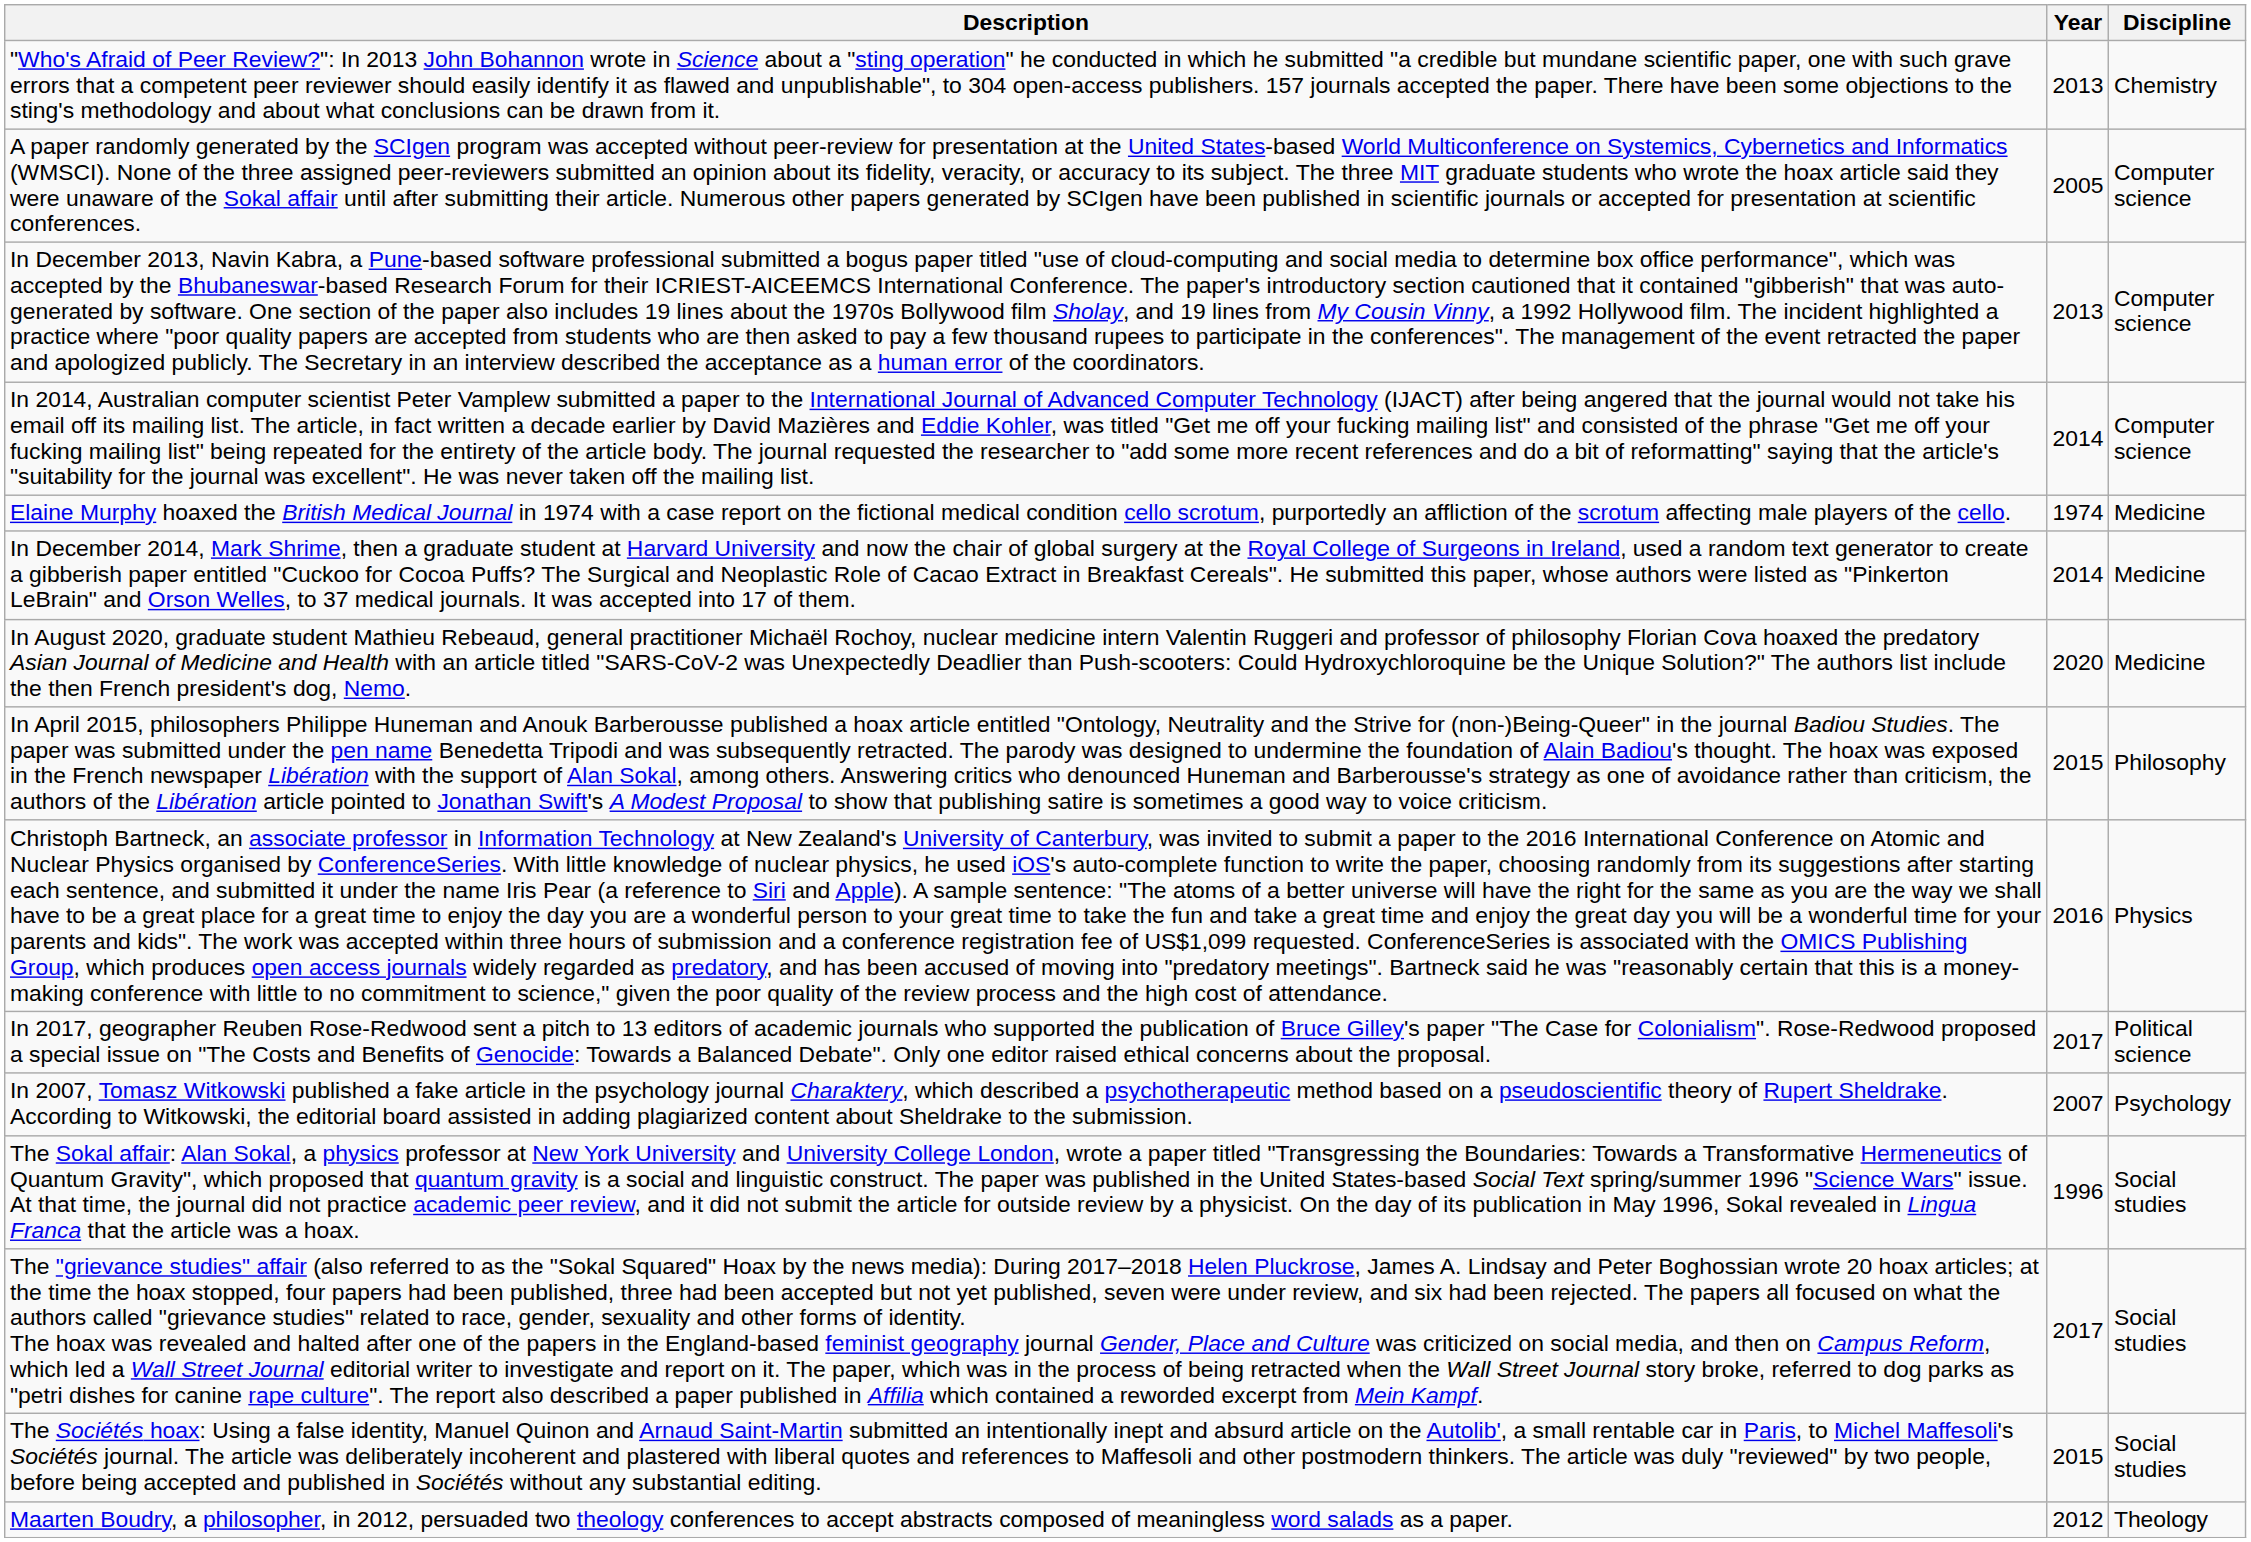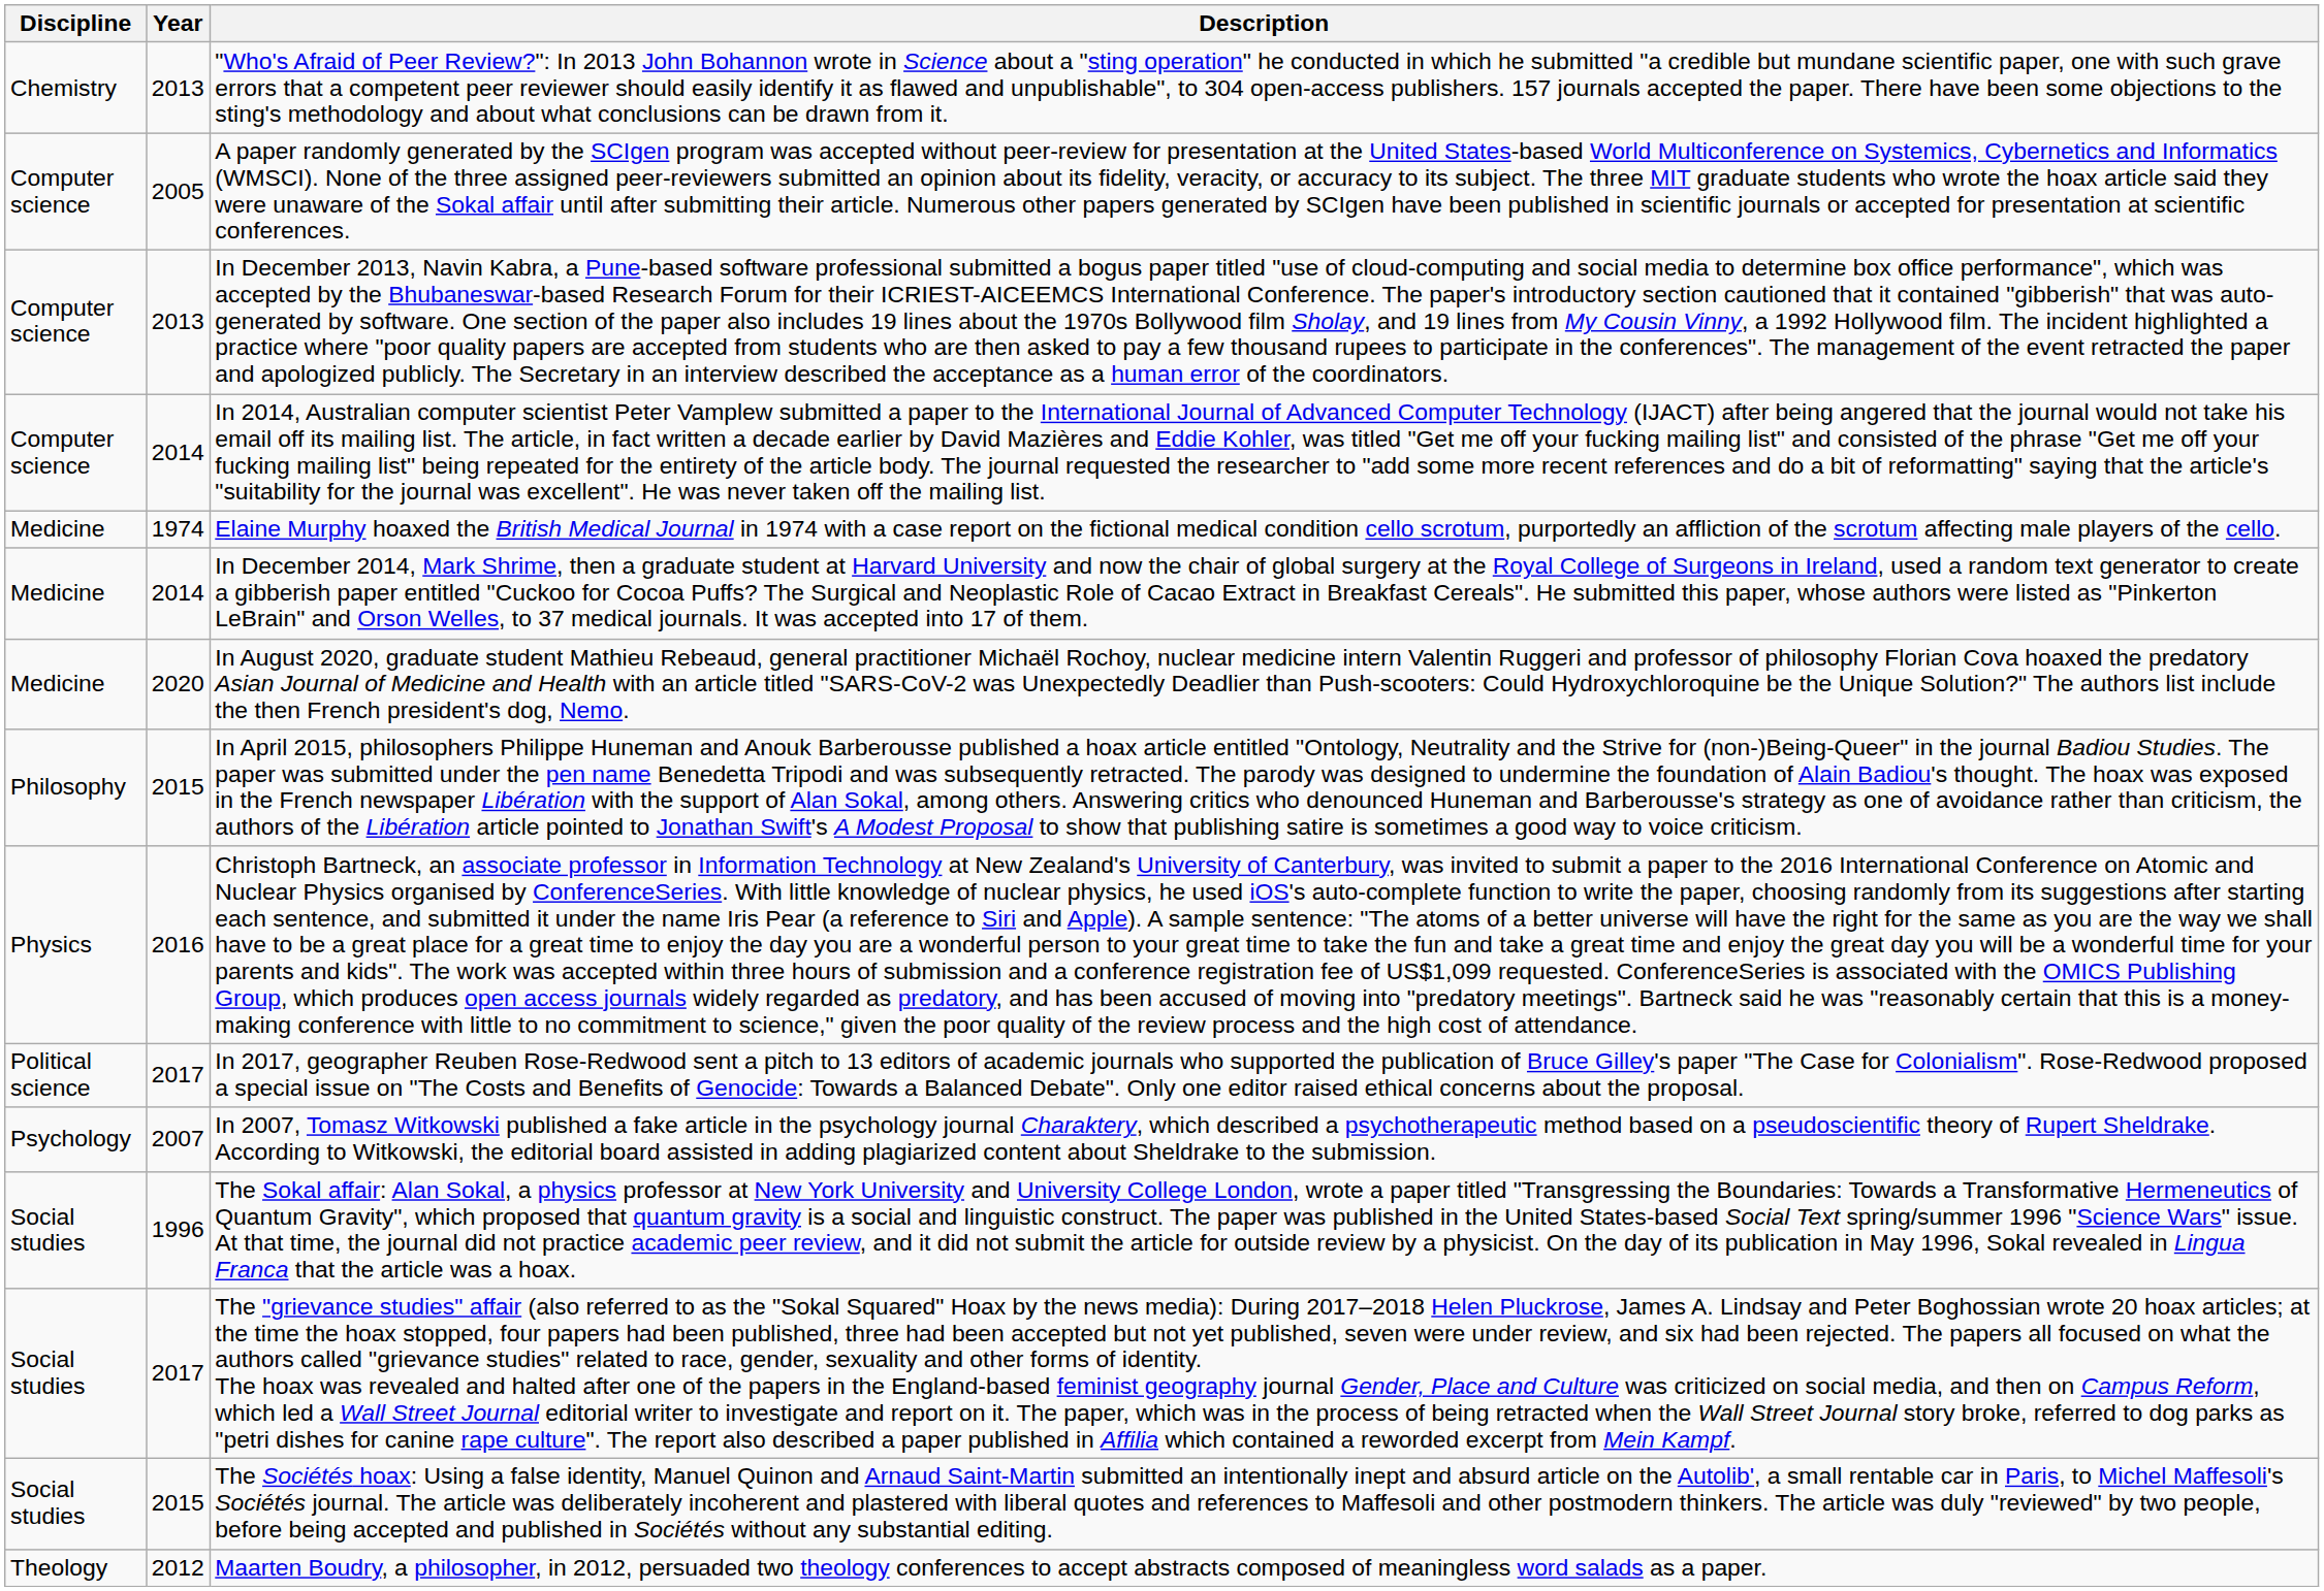 <table class="wikitable sortable">
 <tr>
+<th>Discipline</th>
+<th>Year</th>
 <th>Description</th>
-<th>Year</th>
-<th>Discipline</th>
 </tr>
 <tr>
+<td>Chemistry</td>
+<td>2013</td>
 <td>"<a href='#'>Who's Afraid of Peer Review?</a>": In 2013 <a href='#'>John Bohannon</a> wrote in <em><a href='#'>Science</a></em> about a "<a href='#'>sting operation</a>" he conducted in which he submitted "a credible but mundane scientific paper, one with such grave errors that a competent peer reviewer should easily identify it as flawed and unpublishable", to 304 open-access publishers. 157 journals accepted the paper. There have been some objections to the sting's methodology and about what conclusions can be drawn from it.</td>
-<td>2013</td>
-<td>Chemistry</td>
 </tr>
 <tr>
+<td>Computer science</td>
+<td>2005</td>
 <td>A paper randomly generated by the <a href='#'>SCIgen</a> program was accepted without peer-review for presentation at the <a href='#'>United States</a>-based <a href='#'>World Multiconference on Systemics, Cybernetics and Informatics</a> (WMSCI). None of the three assigned peer-reviewers submitted an opinion about its fidelity, veracity, or accuracy to its subject. The three <a href='#'>MIT</a> graduate students who wrote the hoax article said they were unaware of the <a href='#'>Sokal affair</a> until after submitting their article. Numerous other papers generated by SCIgen have been published in scientific journals or accepted for presentation at scientific conferences.</td>
-<td>2005</td>
-<td>Computer science</td>
 </tr>
 <tr>
+<td>Computer science</td>
+<td>2013</td>
 <td>In December 2013, Navin Kabra, a <a href='#'>Pune</a>-based software professional submitted a bogus paper titled "use of cloud-computing and social media to determine box office performance", which was accepted by the <a href='#'>Bhubaneswar</a>-based Research Forum for their ICRIEST-AICEEMCS International Conference. The paper's introductory section cautioned that it contained "gibberish" that was auto-generated by software. One section of the paper also includes 19 lines about the 1970s Bollywood film <em><a href='#'>Sholay</a></em>, and 19 lines from <em><a href='#'>My Cousin Vinny</a></em>, a 1992 Hollywood film. The incident highlighted a practice where "poor quality papers are accepted from students who are then asked to pay a few thousand rupees to participate in the conferences". The management of the event retracted the paper and apologized publicly. The Secretary in an interview described the acceptance as a <a href='#'>human error</a> of the coordinators.</td>
-<td>2013</td>
-<td>Computer science</td>
 </tr>
 <tr>
+<td>Computer science</td>
+<td>2014</td>
 <td>In 2014, Australian computer scientist Peter Vamplew submitted a paper to the <a href='#'>International Journal of Advanced Computer Technology</a> (IJACT) after being angered that the journal would not take his email off its mailing list. The article, in fact written a decade earlier by David Mazières and <a href='#'>Eddie Kohler</a>, was titled "Get me off your fucking mailing list" and consisted of the phrase "Get me off your fucking mailing list" being repeated for the entirety of the article body. The journal requested the researcher to "add some more recent references and do a bit of reformatting" saying that the article's "suitability for the journal was excellent". He was never taken off the mailing list.</td>
-<td>2014</td>
-<td>Computer science</td>
 </tr>
 <tr>
+<td>Medicine</td>
+<td>1974</td>
 <td><a href='#'>Elaine Murphy</a> hoaxed the <em><a href='#'>British Medical Journal</a></em> in 1974 with a case report on the fictional medical condition <a href='#'>cello scrotum</a>, purportedly an affliction of the <a href='#'>scrotum</a> affecting male players of the <a href='#'>cello</a>.</td>
-<td>1974</td>
-<td>Medicine</td>
 </tr>
 <tr>
+<td>Medicine</td>
+<td>2014</td>
 <td>In December 2014, <a href='#'>Mark Shrime</a>, then a graduate student at <a href='#'>Harvard University</a> and now the chair of global surgery at the <a href='#'>Royal College of Surgeons in Ireland</a>, used a random text generator to create a gibberish paper entitled "Cuckoo for Cocoa Puffs? The Surgical and Neoplastic Role of Cacao Extract in Breakfast Cereals". He submitted this paper, whose authors were listed as "Pinkerton LeBrain" and <a href='#'>Orson Welles</a>, to 37 medical journals. It was accepted into 17 of them.</td>
-<td>2014</td>
-<td>Medicine</td>
 </tr>
 <tr>
+<td>Medicine</td>
+<td>2020</td>
 <td>In August 2020, graduate student Mathieu Rebeaud, general practitioner Michaël Rochoy, nuclear medicine intern Valentin Ruggeri and professor of philosophy Florian Cova hoaxed the predatory <em>Asian Journal of Medicine and Health</em> with an article titled "SARS-CoV-2 was Unexpectedly Deadlier than Push-scooters: Could Hydroxychloroquine be the Unique Solution?" The authors list include the then French president's dog, <a href='#'>Nemo</a>.</td>
-<td>2020</td>
-<td>Medicine</td>
 </tr>
 <tr>
+<td>Philosophy</td>
+<td>2015</td>
 <td>In April 2015, philosophers Philippe Huneman and Anouk Barberousse published a hoax article entitled "Ontology, Neutrality and the Strive for (non-)Being-Queer" in the journal <em>Badiou Studies</em>. The paper was submitted under the <a href='#'>pen name</a> Benedetta Tripodi and was subsequently retracted. The parody was designed to undermine the foundation of <a href='#'>Alain Badiou</a>'s thought. The hoax was exposed in the French newspaper <em><a href='#'>Libération</a></em> with the support of <a href='#'>Alan Sokal</a>, among others. Answering critics who denounced Huneman and Barberousse's strategy as one of avoidance rather than criticism, the authors of the <em><a href='#'>Libération</a></em> article pointed to <a href='#'>Jonathan Swift</a>'s <em><a href='#'>A Modest Proposal</a></em> to show that publishing satire is sometimes a good way to voice criticism.</td>
-<td>2015</td>
-<td>Philosophy</td>
 </tr>
 <tr>
+<td>Physics</td>
+<td>2016</td>
 <td>Christoph Bartneck, an <a href='#'>associate professor</a> in <a href='#'>Information Technology</a> at New Zealand's <a href='#'>University of Canterbury</a>, was invited to submit a paper to the 2016 International Conference on Atomic and Nuclear Physics organised by <a href='#'>ConferenceSeries</a>. With little knowledge of nuclear physics, he used <a href='#'>iOS</a>'s auto-complete function to write the paper, choosing randomly from its suggestions after starting each sentence, and submitted it under the name Iris Pear (a reference to <a href='#'>Siri</a> and <a href='#'>Apple</a>). A sample sentence: "The atoms of a better universe will have the right for the same as you are the way we shall have to be a great place for a great time to enjoy the day you are a wonderful person to your great time to take the fun and take a great time and enjoy the great day you will be a wonderful time for your parents and kids". The work was accepted within three hours of submission and a conference registration fee of US$1,099 requested. ConferenceSeries is associated with the <a href='#'>OMICS Publishing Group</a>, which produces <a href='#'>open access journals</a> widely regarded as <a href='#'>predatory</a>, and has been accused of moving into "predatory meetings". Bartneck said he was "reasonably certain that this is a money-making conference with little to no commitment to science," given the poor quality of the review process and the high cost of attendance.</td>
-<td>2016</td>
-<td>Physics</td>
 </tr>
 <tr>
+<td>Political science</td>
+<td>2017</td>
 <td>In 2017, geographer Reuben Rose-Redwood sent a pitch to 13 editors of academic journals who supported the publication of <a href='#'>Bruce Gilley</a>'s paper "The Case for <a href='#'>Colonialism</a>". Rose-Redwood proposed a special issue on "The Costs and Benefits of <a href='#'>Genocide</a>: Towards a Balanced Debate". Only one editor raised ethical concerns about the proposal.</td>
-<td>2017</td>
-<td>Political science</td>
 </tr>
 <tr>
+<td>Psychology</td>
+<td>2007</td>
 <td>In 2007, <a href='#'>Tomasz Witkowski</a> published a fake article in the psychology journal <em><a href='#'>Charaktery</a></em>, which described a <a href='#'>psychotherapeutic</a> method based on a <a href='#'>pseudoscientific</a> theory of <a href='#'>Rupert Sheldrake</a>. According to Witkowski, the editorial board assisted in adding plagiarized content about Sheldrake to the submission.</td>
-<td>2007</td>
-<td>Psychology</td>
 </tr>
 <tr>
+<td>Social studies</td>
+<td>1996</td>
 <td>The <a href='#'>Sokal affair</a>: <a href='#'>Alan Sokal</a>, a <a href='#'>physics</a> professor at <a href='#'>New York University</a> and <a href='#'>University College London</a>, wrote a paper titled "Transgressing the Boundaries: Towards a Transformative <a href='#'>Hermeneutics</a> of Quantum Gravity", which proposed that <a href='#'>quantum gravity</a> is a social and linguistic construct. The paper was published in the United States-based <em>Social Text</em> spring/summer 1996 "<a href='#'>Science Wars</a>" issue. At that time, the journal did not practice <a href='#'>academic peer review</a>, and it did not submit the article for outside review by a physicist. On the day of its publication in May 1996, Sokal revealed in <em><a href='#'>Lingua Franca</a></em> that the article was a hoax.</td>
-<td>1996</td>
-<td>Social studies</td>
 </tr>
 <tr>
+<td>Social studies</td>
+<td>2017</td>
 <td>The <a href='#'>"grievance studies" affair</a> (also referred to as the "Sokal Squared" Hoax by the news media): During 2017–2018 <a href='#'>Helen Pluckrose</a>, James A. Lindsay and Peter Boghossian wrote 20 hoax articles; at the time the hoax stopped, four papers had been published, three had been accepted but not yet published, seven were under review, and six had been rejected. The papers all focused on what the authors called "grievance studies" related to race, gender, sexuality and other forms of identity.<br>The hoax was revealed and halted after one of the papers in the England-based <a href='#'>feminist geography</a> journal <em><a href='#'>Gender, Place and Culture</a></em> was criticized on social media, and then on <em><a href='#'>Campus Reform</a></em>, which led a <em><a href='#'>Wall Street Journal</a></em> editorial writer to investigate and report on it. The paper, which was in the process of being retracted when the <em>Wall Street Journal</em> story broke, referred to dog parks as "petri dishes for canine <a href='#'>rape culture</a>". The report also described a paper published in <em><a href='#'>Affilia</a></em> which contained a reworded excerpt from <em><a href='#'>Mein Kampf</a></em>.</td>
-<td>2017</td>
-<td>Social studies</td>
 </tr>
 <tr>
+<td>Social studies</td>
+<td>2015</td>
 <td>The <a href='#'><em>Sociétés</em> hoax</a>: Using a false identity, Manuel Quinon and <a href='#'>Arnaud Saint-Martin</a> submitted an intentionally inept and absurd article on the <a href='#'>Autolib'</a>, a small rentable car in <a href='#'>Paris</a>, to <a href='#'>Michel Maffesoli</a>'s <em>Sociétés</em> journal. The article was deliberately incoherent and plastered with liberal quotes and references to Maffesoli and other postmodern thinkers. The article was duly "reviewed" by two people, before being accepted and published in <em>Sociétés</em> without any substantial editing.</td>
-<td>2015</td>
-<td>Social studies</td>
 </tr>
 <tr>
+<td>Theology</td>
+<td>2012</td>
 <td><a href='#'>Maarten Boudry</a>, a <a href='#'>philosopher</a>, in 2012, persuaded two <a href='#'>theology</a> conferences to accept abstracts composed of meaningless <a href='#'>word salads</a> as a paper.</td>
-<td>2012</td>
-<td>Theology</td>
 </tr>
 </table>
